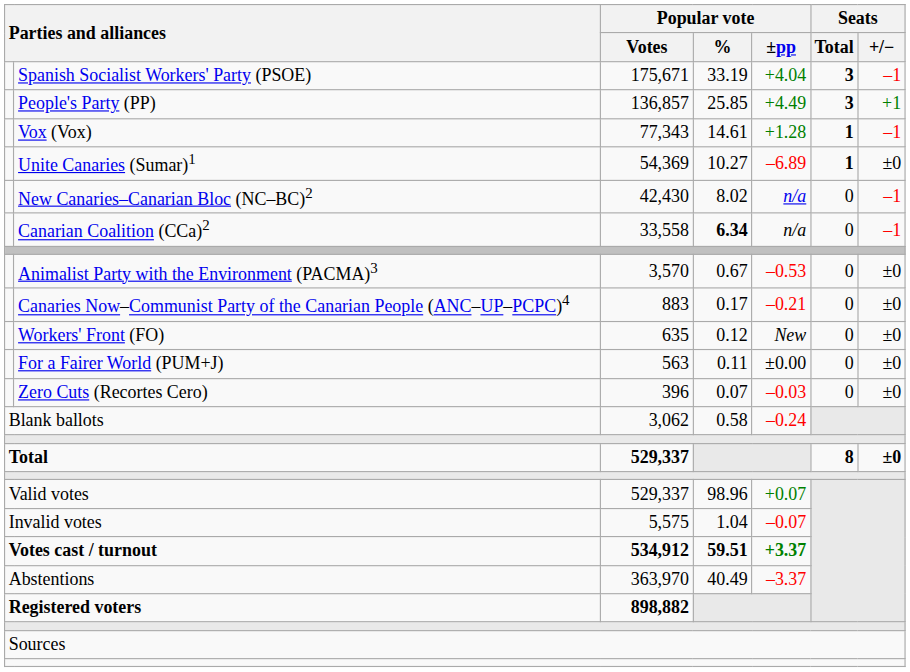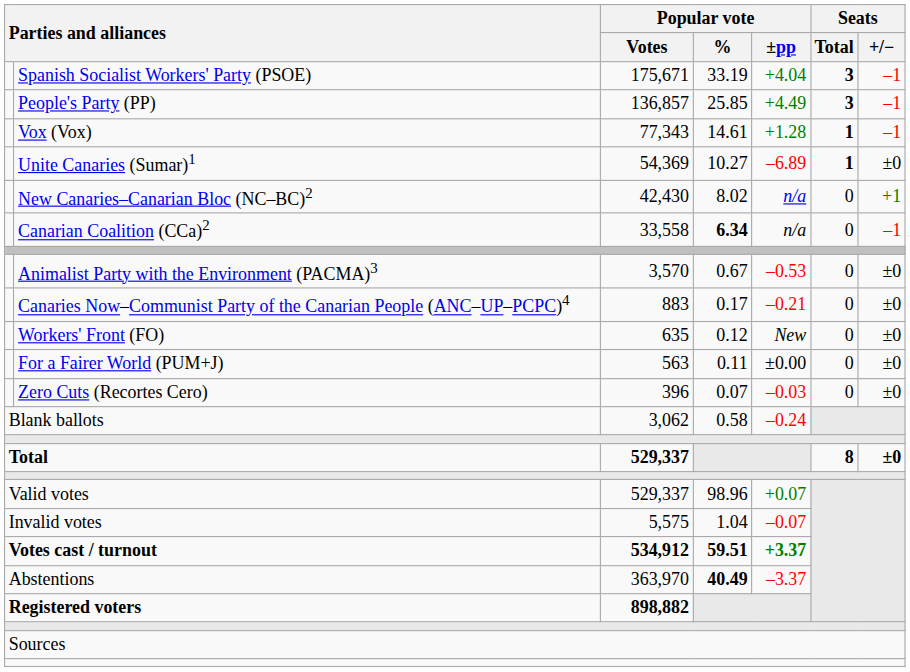 <table class="wikitable" style="text-align:right;">
 <tr>
 <th style="text-align:left;" rowspan="2" colspan="2" width="525">Parties and alliances</th>
 <th colspan="3">Popular vote</th>
 <th colspan="2">Seats</th>
 </tr>
 <tr>
 <th width="75">Votes</th>
 <th width="45">%</th>
 <th width="45">±<a href='#'>pp</a></th>
 <th width="35">Total</th>
 <th width="35">+/−</th>
 </tr>
 <tr>
 <td width="1" style="color:inherit;background:"></td>
 <td align="left"><a href='#'>Spanish Socialist Workers' Party</a> (PSOE)</td>
 <td>175,671</td>
 <td>33.19</td>
 <td style="color:green;">+4.04</td>
 <td><strong>3</strong></td>
 <td style="color:red;">–1</td>
 </tr>
 <tr>
 <td style="color:inherit;background:"></td>
 <td align="left"><a href='#'>People's Party</a> (PP)</td>
 <td>136,857</td>
 <td>25.85</td>
 <td style="color:green;">+4.49</td>
 <td><strong>3</strong></td>
-<td style="color:green;">+1</td>
+<td style="color:red;">–1</td>
 </tr>
 <tr>
 <td style="color:inherit;background:"></td>
 <td align="left"><a href='#'>Vox</a> (Vox)</td>
 <td>77,343</td>
 <td>14.61</td>
 <td style="color:green;">+1.28</td>
 <td><strong>1</strong></td>
 <td style="color:red;">–1</td>
 </tr>
 <tr>
 <td style="color:inherit;background:"></td>
 <td align="left"><a href='#'>Unite Canaries</a> (Sumar)<sup>1</sup></td>
 <td>54,369</td>
 <td>10.27</td>
 <td style="color:red;">–6.89</td>
 <td><strong>1</strong></td>
 <td>±0</td>
 </tr>
 <tr>
 <td style="color:inherit;background:"></td>
 <td align="left"><a href='#'>New Canaries–Canarian Bloc</a> (NC–BC)<sup>2</sup></td>
 <td>42,430</td>
 <td>8.02</td>
 <td><em><a href='#'>n/a</a></em></td>
 <td>0</td>
-<td style="color:red;">–1</td>
+<td style="color:green;">+1</td>
 </tr>
 <tr>
 <td style="color:inherit;background:"></td>
 <td align="left"><a href='#'>Canarian Coalition</a> (CCa)<sup>2</sup></td>
 <td>33,558</td>
 <td><strong>6.34</strong></td>
 <td><em>n/a</em></td>
 <td>0</td>
 <td style="color:red;">–1</td>
 </tr>
 <tr>
 <td colspan="7" bgcolor="#C0C0C0"></td>
 </tr>
 <tr>
 <td style="color:inherit;background:"></td>
 <td align="left"><a href='#'>Animalist Party with the Environment</a> (PACMA)<sup>3</sup></td>
 <td>3,570</td>
 <td>0.67</td>
 <td style="color:red;">–0.53</td>
 <td>0</td>
 <td>±0</td>
 </tr>
 <tr>
 <td style="color:inherit;background:"></td>
 <td align="left"><a href='#'>Canaries Now</a>–<a href='#'>Communist Party of the Canarian People</a> (<a href='#'>ANC</a>–<a href='#'>UP</a>–<a href='#'>PCPC</a>)<sup>4</sup></td>
 <td>883</td>
 <td>0.17</td>
 <td style="color:red;">–0.21</td>
 <td>0</td>
 <td>±0</td>
 </tr>
 <tr>
 <td style="color:inherit;background:"></td>
 <td align="left"><a href='#'>Workers' Front</a> (FO)</td>
 <td>635</td>
 <td>0.12</td>
 <td><em>New</em></td>
 <td>0</td>
 <td>±0</td>
 </tr>
 <tr>
 <td style="color:inherit;background:"></td>
 <td align="left"><a href='#'>For a Fairer World</a> (PUM+J)</td>
 <td>563</td>
 <td>0.11</td>
 <td>±0.00</td>
 <td>0</td>
 <td>±0</td>
 </tr>
 <tr>
 <td style="color:inherit;background:"></td>
 <td align="left"><a href='#'>Zero Cuts</a> (Recortes Cero)</td>
 <td>396</td>
 <td>0.07</td>
 <td style="color:red;">–0.03</td>
 <td>0</td>
 <td>±0</td>
 </tr>
 <tr>
 <td align="left" colspan="2">Blank ballots</td>
 <td>3,062</td>
 <td>0.58</td>
 <td style="color:red;">–0.24</td>
 <td bgcolor="#E9E9E9" colspan="2"></td>
 </tr>
 <tr>
 <td colspan="7" bgcolor="#E9E9E9"></td>
 </tr>
 <tr style="font-weight:bold;">
 <td align="left" colspan="2">Total</td>
 <td>529,337</td>
 <td bgcolor="#E9E9E9" colspan="2"></td>
 <td>8</td>
 <td>±0</td>
 </tr>
 <tr>
 <td colspan="7" bgcolor="#E9E9E9"></td>
 </tr>
 <tr>
 <td align="left" colspan="2">Valid votes</td>
 <td>529,337</td>
 <td>98.96</td>
 <td style="color:green;">+0.07</td>
 <td bgcolor="#E9E9E9" colspan="2" rowspan="5"></td>
 </tr>
 <tr>
 <td align="left" colspan="2">Invalid votes</td>
 <td>5,575</td>
 <td>1.04</td>
 <td style="color:red;">–0.07</td>
 </tr>
 <tr style="font-weight:bold;">
 <td align="left" colspan="2">Votes cast / turnout</td>
 <td>534,912</td>
 <td>59.51</td>
 <td style="color:green;">+3.37</td>
 </tr>
 <tr>
 <td align="left" colspan="2">Abstentions</td>
 <td>363,970</td>
-<td>40.49</td>
+<td><strong>40.49</strong></td>
 <td style="color:red;">–3.37</td>
 </tr>
 <tr style="font-weight:bold;">
 <td align="left" colspan="2">Registered voters</td>
 <td>898,882</td>
 <td bgcolor="#E9E9E9" colspan="2"></td>
 </tr>
 <tr>
 <td colspan="7" bgcolor="#E9E9E9"></td>
 </tr>
 <tr>
 <td align="left" colspan="7">Sources</td>
 </tr>
 <tr>
 <td colspan="7" style="text-align:left; max-width:790px;"></td>
 </tr>
 </table>
